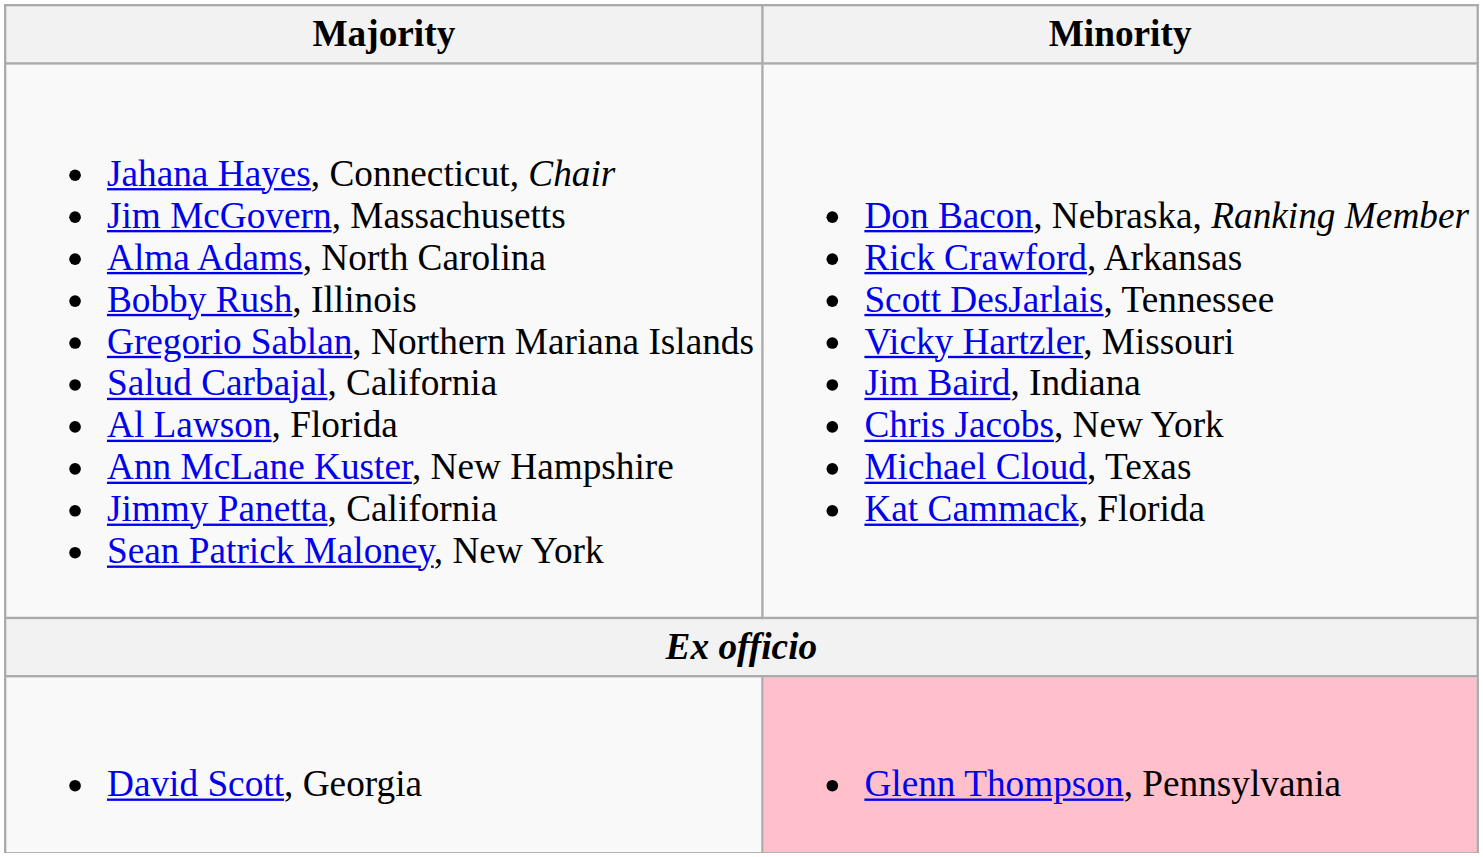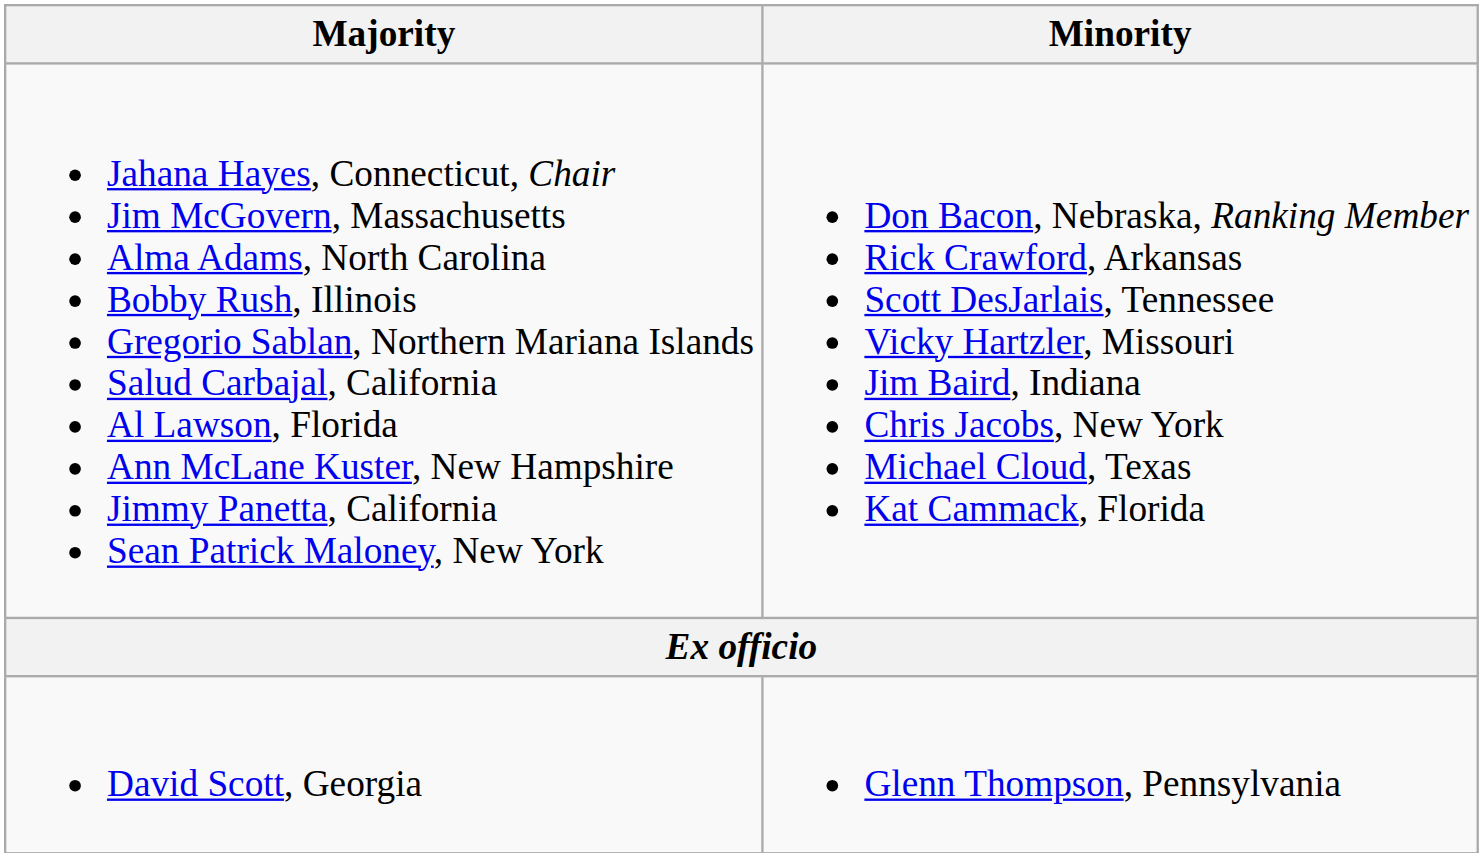 <table class=wikitable>
 <tr>
 <th>Majority</th>
 <th>Minority</th>
 </tr>
 <tr>
 <td><br><ul><li><a href='#'>Jahana Hayes</a>, Connecticut, <em>Chair</em></li><li><a href='#'>Jim McGovern</a>, Massachusetts</li><li><a href='#'>Alma Adams</a>, North Carolina</li><li><a href='#'>Bobby Rush</a>, Illinois</li><li><a href='#'>Gregorio Sablan</a>, Northern Mariana Islands</li><li><a href='#'>Salud Carbajal</a>, California</li><li><a href='#'>Al Lawson</a>, Florida</li><li><a href='#'>Ann McLane Kuster</a>, New Hampshire</li><li><a href='#'>Jimmy Panetta</a>, California</li><li><a href='#'>Sean Patrick Maloney</a>, New York</li></ul></td>
 <td><br><ul><li><a href='#'>Don Bacon</a>, Nebraska, <em>Ranking Member</em></li><li><a href='#'>Rick Crawford</a>, Arkansas</li><li><a href='#'>Scott DesJarlais</a>, Tennessee</li><li><a href='#'>Vicky Hartzler</a>, Missouri</li><li><a href='#'>Jim Baird</a>, Indiana</li><li><a href='#'>Chris Jacobs</a>, New York</li><li><a href='#'>Michael Cloud</a>, Texas</li><li><a href='#'>Kat Cammack</a>, Florida</li></ul></td>
 </tr>
 <tr>
 <th colspan=2><em>Ex officio</em></th>
 </tr>
 <tr>
 <td><br><ul><li><a href='#'>David Scott</a>, Georgia</li></ul></td>
-<td style="background: pink;"><br><ul><li><a href='#'>Glenn Thompson</a>, Pennsylvania</li></ul></td>
+<td><br><ul><li><a href='#'>Glenn Thompson</a>, Pennsylvania</li></ul></td>
 </tr>
 </table>
